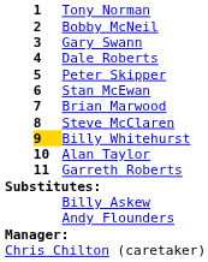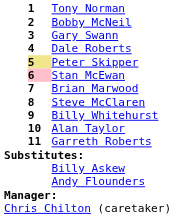 <table style="font-size: 90%" cellspacing="0" cellpadding="0">
 <tr>
 <td colspan=4></td>
 </tr>
 <tr>
 <th width="25"></th>
 <th width="25"></th>
 <th width="200"></th>
 <th></th>
 </tr>
 <tr>
 <td></td>
 <td><strong>1</strong></td>
 <td> <a href='#'>Tony Norman</a></td>
 </tr>
 <tr>
 <td></td>
 <td><strong>2</strong></td>
 <td> <a href='#'>Bobby McNeil</a></td>
 </tr>
 <tr>
 <td></td>
 <td><strong>3</strong></td>
 <td> <a href='#'>Gary Swann</a></td>
 </tr>
 <tr>
 <td></td>
 <td><strong>4</strong></td>
 <td> <a href='#'>Dale Roberts</a></td>
 <td></td>
 </tr>
 <tr>
 <td></td>
-<td><strong>5</strong></td>
+<td style="background: khaki;"><strong>5</strong></td>
 <td> <a href='#'>Peter Skipper</a></td>
 </tr>
 <tr>
 <td></td>
-<td><strong>6</strong></td>
+<td style="background: pink;"><strong>6</strong></td>
 <td> <a href='#'>Stan McEwan</a></td>
 </tr>
 <tr>
 <td></td>
 <td><strong>7</strong></td>
 <td> <a href='#'>Brian Marwood</a></td>
 </tr>
 <tr>
 <td></td>
 <td><strong>8</strong></td>
 <td> <a href='#'>Steve McClaren</a></td>
 </tr>
 <tr>
 <td></td>
-<td style="background: gold;"><strong>9</strong></td>
+<td><strong>9</strong></td>
 <td> <a href='#'>Billy Whitehurst</a></td>
 </tr>
 <tr>
 <td></td>
 <td><strong>10</strong></td>
 <td> <a href='#'>Alan Taylor</a></td>
 </tr>
 <tr>
 <td></td>
 <td><strong>11</strong></td>
 <td> <a href='#'>Garreth Roberts</a></td>
 <td></td>
 </tr>
 <tr>
 <td colspan=4><strong>Substitutes:</strong></td>
 </tr>
 <tr>
 <td></td>
 <td></td>
 <td> <a href='#'>Billy Askew</a></td>
 <td></td>
 </tr>
 <tr>
 <td></td>
 <td></td>
 <td> <a href='#'>Andy Flounders</a></td>
 <td></td>
 </tr>
 <tr>
 <td colspan=4><strong>Manager:</strong></td>
 </tr>
 <tr>
 <td colspan=4> <a href='#'>Chris Chilton</a> (caretaker)</td>
 </tr>
 </table>
